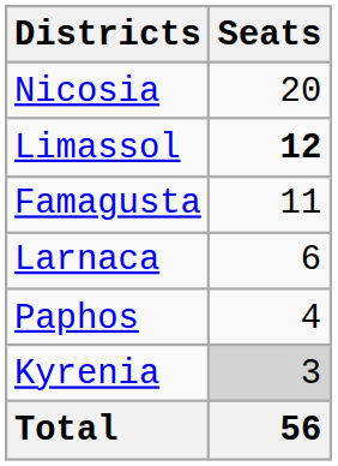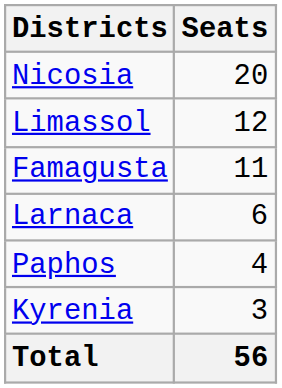 <table class="wikitable">
 <tr>
 <th style="text-align: left;">Districts</th>
 <th style="text-align: right;">Seats</th>
 </tr>
 <tr>
 <td><a href='#'>Nicosia</a></td>
 <td style="text-align: right;">20</td>
 </tr>
 <tr>
 <td><a href='#'>Limassol</a></td>
-<td style="text-align: right;"><strong>12</strong></td>
+<td style="text-align: right;">12</td>
 </tr>
 <tr>
 <td><a href='#'>Famagusta</a></td>
 <td style="text-align: right;">11</td>
 </tr>
 <tr>
 <td><a href='#'>Larnaca</a></td>
 <td style="text-align: right;">6</td>
 </tr>
 <tr>
 <td><a href='#'>Paphos</a></td>
 <td style="text-align: right;">4</td>
 </tr>
 <tr>
 <td><a href='#'>Kyrenia</a></td>
-<td style="background: lightgrey; text-align: right;">3</td>
+<td style="text-align: right;">3</td>
 </tr>
 <tr>
 <th style="text-align: left;">Total</th>
 <th style="text-align: right;">56</th>
 </tr>
 </table>
